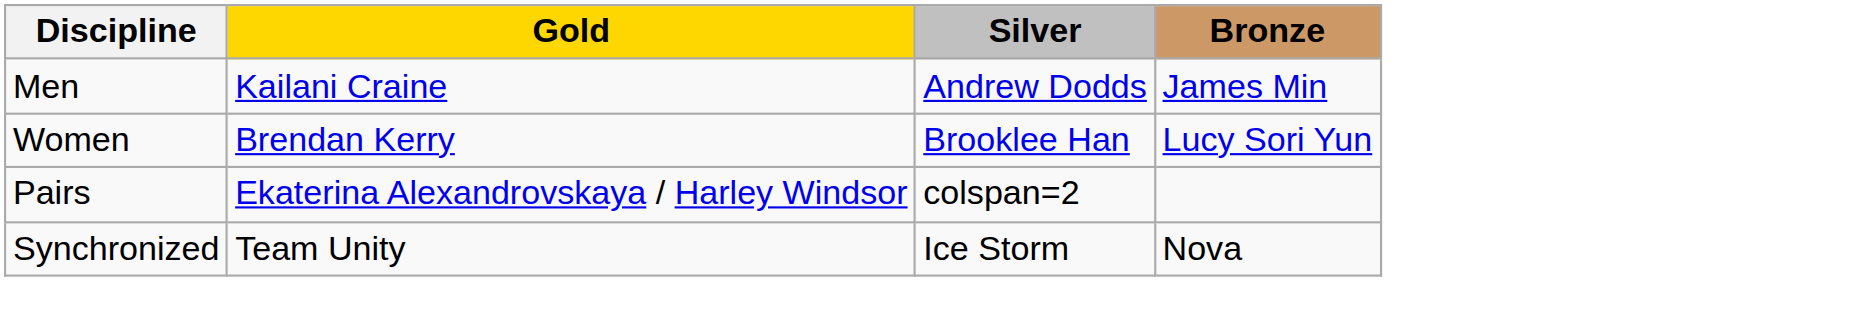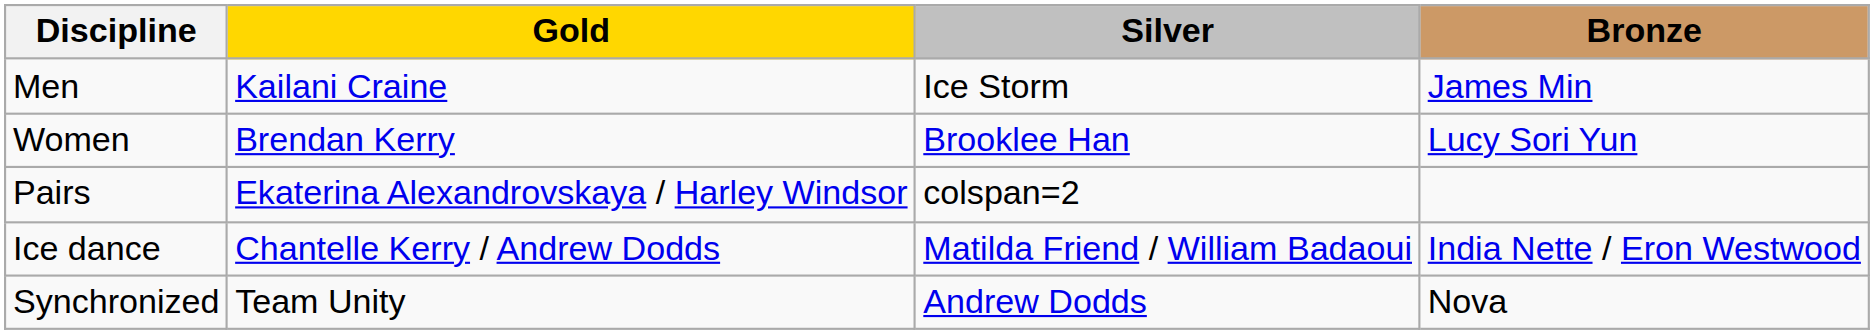 <table class="wikitable">
 <tr>
 <th>Discipline</th>
 <td align=center bgcolor=gold><strong>Gold</strong></td>
 <td align=center bgcolor=silver><strong>Silver</strong></td>
 <td align=center bgcolor=cc9966><strong>Bronze</strong></td>
 </tr>
 <tr>
 <td>Men</td>
 <td><a href='#'>Kailani Craine</a></td>
-<td><a href='#'>Andrew Dodds</a></td>
+<td>Ice Storm</td>
 <td><a href='#'>James Min</a></td>
 </tr>
 <tr>
 <td>Women</td>
 <td><a href='#'>Brendan Kerry</a></td>
 <td><a href='#'>Brooklee Han</a></td>
 <td><a href='#'>Lucy Sori Yun</a></td>
 </tr>
 <tr>
 <td>Pairs</td>
 <td><a href='#'>Ekaterina Alexandrovskaya</a> / <a href='#'>Harley Windsor</a></td>
 <td>colspan=2 </td>
 </tr>
 <tr>
+<td>Ice dance</td>
+<td><a href='#'>Chantelle Kerry</a> / <a href='#'>Andrew Dodds</a></td>
+<td><a href='#'>Matilda Friend</a> / <a href='#'>William Badaoui</a></td>
+<td><a href='#'>India Nette</a> / <a href='#'>Eron Westwood</a></td>
+</tr>
+<tr>
 <td>Synchronized</td>
 <td>Team Unity</td>
-<td>Ice Storm</td>
+<td><a href='#'>Andrew Dodds</a></td>
 <td>Nova</td>
 </tr>
 </table>
